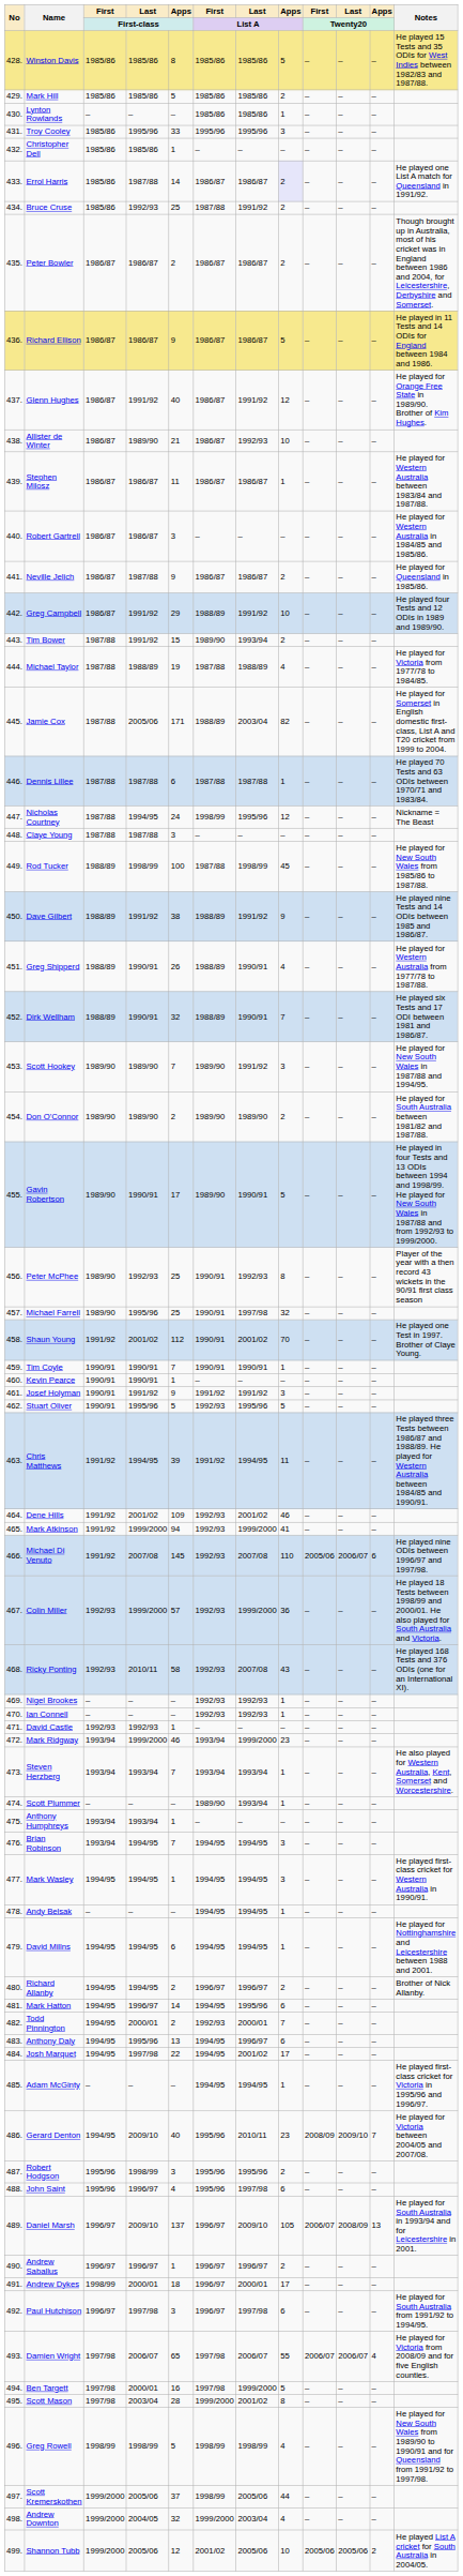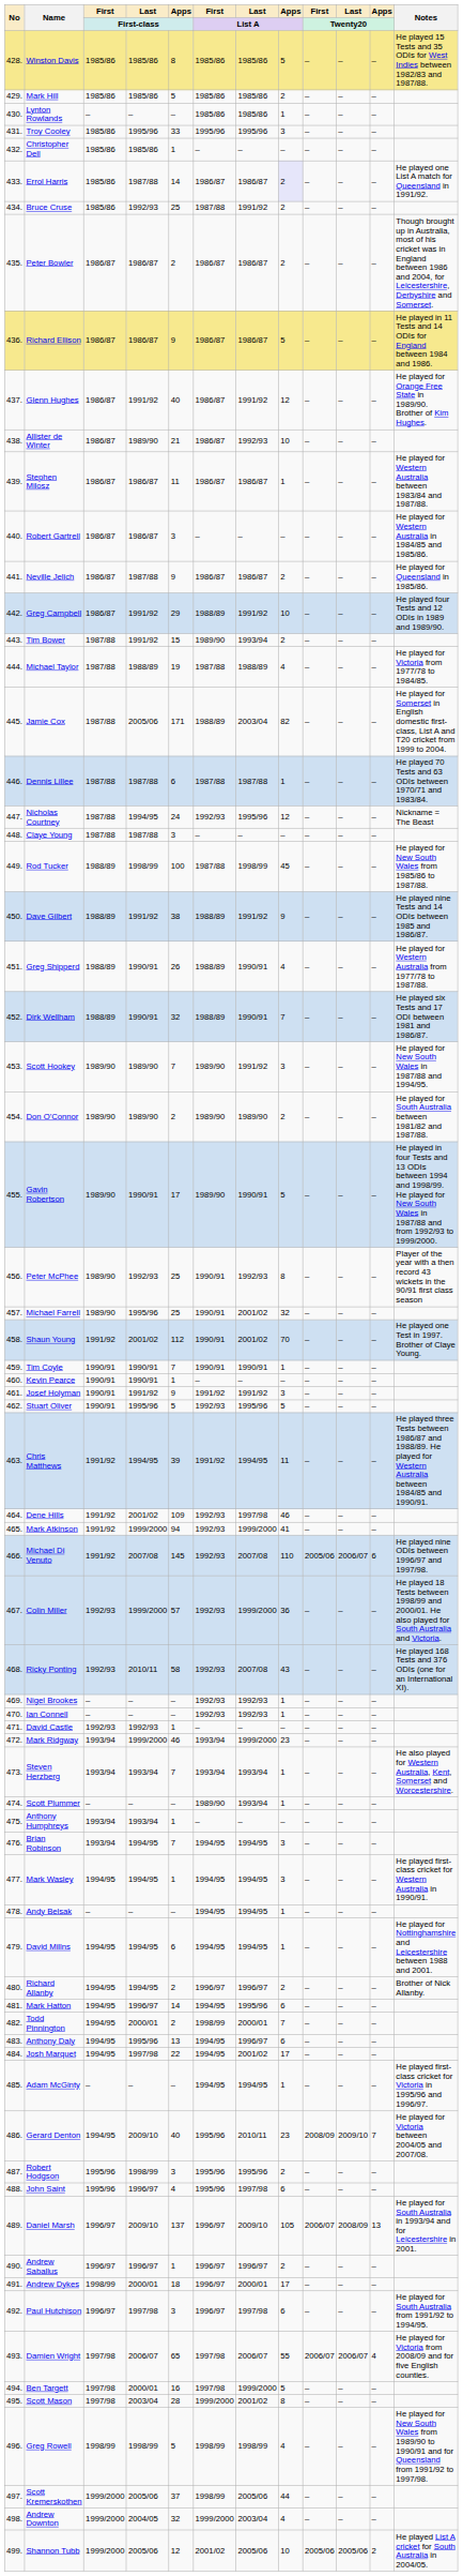 <table class="wikitable unsortable" style="text-align: left;">
 <tr>
 <th style="background:#faecc8" rowspan="2">No</th>
 <th style="width:150px" rowspan="2">Name</th>
 <th style="background:#faecc8">First</th>
 <th style="background:#faecc8">Last</th>
 <th style="background:#faecc8">Apps</th>
 <th style="background:#faecc8">First</th>
 <th style="background:#faecc8">Last</th>
 <th style="background:#faecc8">Apps</th>
 <th style="background:#faecc8">First</th>
 <th style="background:#faecc8">Last</th>
 <th style="background:#faecc8">Apps</th>
 <th style="width:350px" rowspan="2">Notes</th>
 </tr>
 <tr class="unsortable">
 <th colspan=3 style="background:#CFECEC">First-class</th>
 <th colspan=3 style="background:#ddcef2">List A</th>
 <th colspan=3 style="background:#cef2e0">Twenty20</th>
 </tr>
 <tr style="background:#f7e98e;">
 <td>428.</td>
 <td><a href='#'>Winston Davis</a></td>
 <td>1985/86</td>
 <td>1985/86</td>
 <td>8</td>
 <td>1985/86</td>
 <td>1985/86</td>
 <td>5</td>
 <td>–</td>
 <td>–</td>
 <td>–</td>
 <td>He played 15 Tests and 35 ODIs for <a href='#'>West Indies</a> between 1982/83 and 1987/88.</td>
 </tr>
 <tr>
 <td>429.</td>
 <td><a href='#'>Mark Hill</a></td>
 <td>1985/86</td>
 <td>1985/86</td>
 <td>5</td>
 <td>1985/86</td>
 <td>1985/86</td>
 <td>2</td>
 <td>–</td>
 <td>–</td>
 <td>–</td>
 <td></td>
 </tr>
 <tr>
 <td>430.</td>
 <td><a href='#'>Lynton Rowlands</a></td>
 <td>–</td>
 <td>–</td>
 <td>–</td>
 <td>1985/86</td>
 <td>1985/86</td>
 <td>1</td>
 <td>–</td>
 <td>–</td>
 <td>–</td>
 <td></td>
 </tr>
 <tr>
 <td>431.</td>
 <td><a href='#'>Troy Cooley</a></td>
 <td>1985/86</td>
 <td>1995/96</td>
 <td>33</td>
 <td>1995/96</td>
 <td>1995/96</td>
 <td>3</td>
 <td>–</td>
 <td>–</td>
 <td>–</td>
 <td></td>
 </tr>
 <tr>
 <td>432.</td>
 <td><a href='#'>Christopher Dell</a></td>
 <td>1985/86</td>
 <td>1985/86</td>
 <td>1</td>
 <td>–</td>
 <td>–</td>
 <td>–</td>
 <td>–</td>
 <td>–</td>
 <td>–</td>
 <td></td>
 </tr>
 <tr>
 <td>433.</td>
 <td><a href='#'>Errol Harris</a></td>
 <td>1985/86</td>
 <td>1987/88</td>
 <td>14</td>
 <td>1986/87</td>
 <td>1986/87</td>
 <td style="background: lavender;">2</td>
 <td>–</td>
 <td>–</td>
 <td>–</td>
 <td>He played one List A match for <a href='#'>Queensland</a> in 1991/92.</td>
 </tr>
 <tr>
 <td>434.</td>
 <td><a href='#'>Bruce Cruse</a></td>
 <td>1985/86</td>
 <td>1992/93</td>
 <td>25</td>
 <td>1987/88</td>
 <td>1991/92</td>
 <td>2</td>
 <td>–</td>
 <td>–</td>
 <td>–</td>
 <td></td>
 </tr>
 <tr>
 <td>435.</td>
 <td><a href='#'>Peter Bowler</a></td>
 <td>1986/87</td>
 <td>1986/87</td>
 <td>2</td>
 <td>1986/87</td>
 <td>1986/87</td>
 <td>2</td>
 <td>–</td>
 <td>–</td>
 <td>–</td>
 <td>Though brought up in Australia, most of his cricket was in England between 1986 and 2004, for <a href='#'>Leicestershire</a>, <a href='#'>Derbyshire</a> and <a href='#'>Somerset</a>.</td>
 </tr>
 <tr style="background:#f7e98e;">
 <td>436.</td>
 <td><a href='#'>Richard Ellison</a></td>
 <td>1986/87</td>
 <td>1986/87</td>
 <td>9</td>
 <td>1986/87</td>
 <td>1986/87</td>
 <td>5</td>
 <td>–</td>
 <td>–</td>
 <td>–</td>
 <td>He played in 11 Tests and 14 ODIs for <a href='#'>England</a> between 1984 and 1986.</td>
 </tr>
 <tr>
 <td>437.</td>
 <td><a href='#'>Glenn Hughes</a></td>
 <td>1986/87</td>
 <td>1991/92</td>
 <td>40</td>
 <td>1986/87</td>
 <td>1991/92</td>
 <td>12</td>
 <td>–</td>
 <td>–</td>
 <td>–</td>
 <td>He played for <a href='#'>Orange Free State</a> in 1989/90. Brother of <a href='#'>Kim Hughes</a>.</td>
 </tr>
 <tr>
 <td>438.</td>
 <td><a href='#'>Allister de Winter</a></td>
 <td>1986/87</td>
 <td>1989/90</td>
 <td>21</td>
 <td>1986/87</td>
 <td>1992/93</td>
 <td>10</td>
 <td>–</td>
 <td>–</td>
 <td>–</td>
 <td></td>
 </tr>
 <tr>
 <td>439.</td>
 <td><a href='#'>Stephen Milosz</a></td>
 <td>1986/87</td>
 <td>1986/87</td>
 <td>11</td>
 <td>1986/87</td>
 <td>1986/87</td>
 <td>1</td>
 <td>–</td>
 <td>–</td>
 <td>–</td>
 <td>He played for <a href='#'>Western Australia</a> between 1983/84 and 1987/88.</td>
 </tr>
 <tr>
 <td>440.</td>
 <td><a href='#'>Robert Gartrell</a></td>
 <td>1986/87</td>
 <td>1986/87</td>
 <td>3</td>
 <td>–</td>
 <td>–</td>
 <td>–</td>
 <td>–</td>
 <td>–</td>
 <td>–</td>
 <td>He played for <a href='#'>Western Australia</a> in 1984/85 and 1985/86.</td>
 </tr>
 <tr>
 <td>441.</td>
 <td><a href='#'>Neville Jelich</a></td>
 <td>1986/87</td>
 <td>1987/88</td>
 <td>9</td>
 <td>1986/87</td>
 <td>1986/87</td>
 <td>2</td>
 <td>–</td>
 <td>–</td>
 <td>–</td>
 <td>He played for <a href='#'>Queensland</a> in 1985/86.</td>
 </tr>
 <tr style="background:#cee0f2;">
 <td>442.</td>
 <td><a href='#'>Greg Campbell</a></td>
 <td>1986/87</td>
 <td>1991/92</td>
 <td>29</td>
 <td>1988/89</td>
 <td>1991/92</td>
 <td>10</td>
 <td>–</td>
 <td>–</td>
 <td>–</td>
 <td>He played four Tests and 12 ODIs in 1989 and 1989/90.</td>
 </tr>
 <tr>
 <td>443.</td>
 <td><a href='#'>Tim Bower</a></td>
 <td>1987/88</td>
 <td>1991/92</td>
 <td>15</td>
 <td>1989/90</td>
 <td>1993/94</td>
 <td>2</td>
 <td>–</td>
 <td>–</td>
 <td>–</td>
 <td></td>
 </tr>
 <tr>
 <td>444.</td>
 <td><a href='#'>Michael Taylor</a></td>
 <td>1987/88</td>
 <td>1988/89</td>
 <td>19</td>
 <td>1987/88</td>
 <td>1988/89</td>
 <td>4</td>
 <td>–</td>
 <td>–</td>
 <td>–</td>
 <td>He played for <a href='#'>Victoria</a> from 1977/78 to 1984/85.</td>
 </tr>
 <tr>
 <td>445.</td>
 <td><a href='#'>Jamie Cox</a></td>
 <td>1987/88</td>
 <td>2005/06</td>
 <td>171</td>
 <td>1988/89</td>
 <td>2003/04</td>
 <td>82</td>
 <td>–</td>
 <td>–</td>
 <td>–</td>
 <td>He played for <a href='#'>Somerset</a> in English domestic first-class, List A and T20 cricket from 1999 to 2004.</td>
 </tr>
 <tr style="background:#cee0f2;">
 <td>446.</td>
 <td><a href='#'>Dennis Lillee</a></td>
 <td>1987/88</td>
 <td>1987/88</td>
 <td>6</td>
 <td>1987/88</td>
 <td>1987/88</td>
 <td>1</td>
 <td>–</td>
 <td>–</td>
 <td>–</td>
 <td>He played 70 Tests and 63 ODIs between 1970/71 and 1983/84.</td>
 </tr>
 <tr>
 <td>447.</td>
 <td><a href='#'>Nicholas Courtney</a></td>
 <td>1987/88</td>
 <td>1994/95</td>
 <td>24</td>
-<td>1998/99</td>
+<td>1992/93</td>
 <td>1995/96</td>
 <td>12</td>
 <td>–</td>
 <td>–</td>
 <td>–</td>
 <td>Nickname = The Beast</td>
 </tr>
 <tr>
 <td>448.</td>
 <td><a href='#'>Claye Young</a></td>
 <td>1987/88</td>
 <td>1987/88</td>
 <td>3</td>
 <td>–</td>
 <td>–</td>
 <td>–</td>
 <td>–</td>
 <td>–</td>
 <td>–</td>
 <td></td>
 </tr>
 <tr>
 <td>449.</td>
 <td><a href='#'>Rod Tucker</a></td>
 <td>1988/89</td>
 <td>1998/99</td>
 <td>100</td>
 <td>1987/88</td>
 <td>1998/99</td>
 <td>45</td>
 <td>–</td>
 <td>–</td>
 <td>–</td>
 <td>He played for <a href='#'>New South Wales</a> from 1985/86 to 1987/88.</td>
 </tr>
 <tr style="background:#cee0f2;">
 <td>450.</td>
 <td><a href='#'>Dave Gilbert</a></td>
 <td>1988/89</td>
 <td>1991/92</td>
 <td>38</td>
 <td>1988/89</td>
 <td>1991/92</td>
 <td>9</td>
 <td>–</td>
 <td>–</td>
 <td>–</td>
 <td>He played nine Tests and 14 ODIs between 1985 and 1986/87.</td>
 </tr>
 <tr>
 <td>451.</td>
 <td><a href='#'>Greg Shipperd</a></td>
 <td>1988/89</td>
 <td>1990/91</td>
 <td>26</td>
 <td>1988/89</td>
 <td>1990/91</td>
 <td>4</td>
 <td>–</td>
 <td>–</td>
 <td>–</td>
 <td>He played for <a href='#'>Western Australia</a> from 1977/78 to 1987/88.</td>
 </tr>
 <tr style="background:#cee0f2;">
 <td>452.</td>
 <td><a href='#'>Dirk Wellham</a></td>
 <td>1988/89</td>
 <td>1990/91</td>
 <td>32</td>
 <td>1988/89</td>
 <td>1990/91</td>
 <td>7</td>
 <td>–</td>
 <td>–</td>
 <td>–</td>
 <td>He played six Tests and 17 ODI between 1981 and 1986/87.</td>
 </tr>
 <tr>
 <td>453.</td>
 <td><a href='#'>Scott Hookey</a></td>
 <td>1989/90</td>
 <td>1989/90</td>
 <td>7</td>
 <td>1989/90</td>
 <td>1991/92</td>
 <td>3</td>
 <td>–</td>
 <td>–</td>
 <td>–</td>
 <td>He played for <a href='#'>New South Wales</a> in 1987/88 and 1994/95.</td>
 </tr>
 <tr>
 <td>454.</td>
 <td><a href='#'>Don O'Connor</a></td>
 <td>1989/90</td>
 <td>1989/90</td>
 <td>2</td>
 <td>1989/90</td>
 <td>1989/90</td>
 <td>2</td>
 <td>–</td>
 <td>–</td>
 <td>–</td>
 <td>He played for <a href='#'>South Australia</a> between 1981/82 and 1987/88.</td>
 </tr>
 <tr style="background:#cee0f2;">
 <td>455.</td>
 <td><a href='#'>Gavin Robertson</a></td>
 <td>1989/90</td>
 <td>1990/91</td>
 <td>17</td>
 <td>1989/90</td>
 <td>1990/91</td>
 <td>5</td>
 <td>–</td>
 <td>–</td>
 <td>–</td>
 <td>He played in four Tests and 13 ODIs between 1994 and 1998/99. He played for <a href='#'>New South Wales</a> in 1987/88 and from 1992/93 to 1999/2000.</td>
 </tr>
 <tr>
 <td>456.</td>
 <td><a href='#'>Peter McPhee</a></td>
 <td>1989/90</td>
 <td>1992/93</td>
 <td>25</td>
 <td>1990/91</td>
 <td>1992/93</td>
 <td>8</td>
 <td>–</td>
 <td>–</td>
 <td>–</td>
 <td>Player of the year with a then record 43 wickets in the 90/91 first class season</td>
 </tr>
 <tr>
 <td>457.</td>
 <td><a href='#'>Michael Farrell</a></td>
 <td>1989/90</td>
 <td>1995/96</td>
 <td>25</td>
 <td>1990/91</td>
-<td>1997/98</td>
+<td>2001/02</td>
 <td>32</td>
 <td>–</td>
 <td>–</td>
 <td>–</td>
 <td></td>
 </tr>
 <tr style="background:#cee0f2;">
 <td>458.</td>
 <td><a href='#'>Shaun Young</a></td>
 <td>1991/92</td>
 <td>2001/02</td>
 <td>112</td>
 <td>1990/91</td>
 <td>2001/02</td>
 <td>70</td>
 <td>–</td>
 <td>–</td>
 <td>–</td>
 <td>He played one Test in 1997. Brother of Claye Young.</td>
 </tr>
 <tr>
 <td>459.</td>
 <td><a href='#'>Tim Coyle</a></td>
 <td>1990/91</td>
 <td>1990/91</td>
 <td>7</td>
 <td>1990/91</td>
 <td>1990/91</td>
 <td>1</td>
 <td>–</td>
 <td>–</td>
 <td>–</td>
 <td></td>
 </tr>
 <tr>
 <td>460.</td>
 <td><a href='#'>Kevin Pearce</a></td>
 <td>1990/91</td>
 <td>1990/91</td>
 <td>1</td>
 <td>–</td>
 <td>–</td>
 <td>–</td>
 <td>–</td>
 <td>–</td>
 <td>–</td>
 <td></td>
 </tr>
 <tr>
 <td>461.</td>
 <td><a href='#'>Josef Holyman</a></td>
 <td>1990/91</td>
 <td>1991/92</td>
 <td>9</td>
 <td>1991/92</td>
 <td>1991/92</td>
 <td>3</td>
 <td>–</td>
 <td>–</td>
 <td>–</td>
 <td></td>
 </tr>
 <tr>
 <td>462.</td>
 <td><a href='#'>Stuart Oliver</a></td>
 <td>1990/91</td>
 <td>1995/96</td>
 <td>5</td>
 <td>1992/93</td>
 <td>1995/96</td>
 <td>5</td>
 <td>–</td>
 <td>–</td>
 <td>–</td>
 <td></td>
 </tr>
 <tr style="background:#cee0f2;">
 <td>463.</td>
 <td><a href='#'>Chris Matthews</a></td>
 <td>1991/92</td>
 <td>1994/95</td>
 <td>39</td>
 <td>1991/92</td>
 <td>1994/95</td>
 <td>11</td>
 <td>–</td>
 <td>–</td>
 <td>–</td>
 <td>He played three Tests between 1986/87 and 1988/89. He played for <a href='#'>Western Australia</a> between 1984/85 and 1990/91.</td>
 </tr>
 <tr>
 <td>464.</td>
 <td><a href='#'>Dene Hills</a></td>
 <td>1991/92</td>
 <td>2001/02</td>
 <td>109</td>
 <td>1992/93</td>
-<td>2001/02</td>
+<td>1997/98</td>
 <td>46</td>
 <td>–</td>
 <td>–</td>
 <td>–</td>
 <td></td>
 </tr>
 <tr>
 <td>465.</td>
 <td><a href='#'>Mark Atkinson</a></td>
 <td>1991/92</td>
 <td>1999/2000</td>
 <td>94</td>
 <td>1992/93</td>
 <td>1999/2000</td>
 <td>41</td>
 <td>–</td>
 <td>–</td>
 <td>–</td>
 <td></td>
 </tr>
 <tr style="background:#cee0f2;">
 <td>466.</td>
 <td><a href='#'>Michael Di Venuto</a></td>
 <td>1991/92</td>
 <td>2007/08</td>
 <td>145</td>
 <td>1992/93</td>
 <td>2007/08</td>
 <td>110</td>
 <td>2005/06</td>
 <td>2006/07</td>
 <td>6</td>
 <td>He played nine ODIs between 1996/97 and 1997/98.</td>
 </tr>
 <tr style="background:#cee0f2;">
 <td>467.</td>
 <td><a href='#'>Colin Miller</a></td>
 <td>1992/93</td>
 <td>1999/2000</td>
 <td>57</td>
 <td>1992/93</td>
 <td>1999/2000</td>
 <td>36</td>
 <td>–</td>
 <td>–</td>
 <td>–</td>
 <td>He played 18 Tests between 1998/99 and 2000/01. He also played for <a href='#'>South Australia</a> and <a href='#'>Victoria</a>.</td>
 </tr>
 <tr style="background:#cee0f2;">
 <td>468.</td>
 <td><a href='#'>Ricky Ponting</a></td>
 <td>1992/93</td>
 <td>2010/11</td>
 <td>58</td>
 <td>1992/93</td>
 <td>2007/08</td>
 <td>43</td>
 <td>–</td>
 <td>–</td>
 <td>–</td>
 <td>He played 168 Tests and 376 ODIs (one for an International XI).</td>
 </tr>
 <tr>
 <td>469.</td>
 <td><a href='#'>Nigel Brookes</a></td>
 <td>–</td>
 <td>–</td>
 <td>–</td>
 <td>1992/93</td>
 <td>1992/93</td>
 <td>1</td>
 <td>–</td>
 <td>–</td>
 <td>–</td>
 <td></td>
 </tr>
 <tr>
 <td>470.</td>
 <td><a href='#'>Ian Connell</a></td>
 <td>–</td>
 <td>–</td>
 <td>–</td>
 <td>1992/93</td>
 <td>1992/93</td>
 <td>1</td>
 <td>–</td>
 <td>–</td>
 <td>–</td>
 <td></td>
 </tr>
 <tr>
 <td>471.</td>
 <td><a href='#'>David Castle</a></td>
 <td>1992/93</td>
 <td>1992/93</td>
 <td>1</td>
 <td>–</td>
 <td>–</td>
 <td>–</td>
 <td>–</td>
 <td>–</td>
 <td>–</td>
 <td></td>
 </tr>
 <tr>
 <td>472.</td>
 <td><a href='#'>Mark Ridgway</a></td>
 <td>1993/94</td>
 <td>1999/2000</td>
 <td>46</td>
 <td>1993/94</td>
 <td>1999/2000</td>
 <td>23</td>
 <td>–</td>
 <td>–</td>
 <td>–</td>
 <td></td>
 </tr>
 <tr>
 <td>473.</td>
 <td><a href='#'>Steven Herzberg</a></td>
 <td>1993/94</td>
 <td>1993/94</td>
 <td>7</td>
 <td>1993/94</td>
 <td>1993/94</td>
 <td>1</td>
 <td>–</td>
 <td>–</td>
 <td>–</td>
 <td>He also played for <a href='#'>Western Australia</a>, <a href='#'>Kent</a>, <a href='#'>Somerset</a> and <a href='#'>Worcestershire</a>.</td>
 </tr>
 <tr>
 <td>474.</td>
 <td><a href='#'>Scott Plummer</a></td>
 <td>–</td>
 <td>–</td>
 <td>–</td>
 <td>1989/90</td>
 <td>1993/94</td>
 <td>1</td>
 <td>–</td>
 <td>–</td>
 <td>–</td>
 <td></td>
 </tr>
 <tr>
 <td>475.</td>
 <td><a href='#'>Anthony Humphreys</a></td>
 <td>1993/94</td>
 <td>1993/94</td>
 <td>1</td>
 <td>–</td>
 <td>–</td>
 <td>–</td>
 <td>–</td>
 <td>–</td>
 <td>–</td>
 <td></td>
 </tr>
 <tr>
 <td>476.</td>
 <td><a href='#'>Brian Robinson</a></td>
 <td>1993/94</td>
 <td>1994/95</td>
 <td>7</td>
 <td>1994/95</td>
 <td>1994/95</td>
 <td>3</td>
 <td>–</td>
 <td>–</td>
 <td>–</td>
 <td></td>
 </tr>
 <tr>
 <td>477.</td>
 <td><a href='#'>Mark Wasley</a></td>
 <td>1994/95</td>
 <td>1994/95</td>
 <td>1</td>
 <td>1994/95</td>
 <td>1994/95</td>
 <td>3</td>
 <td>–</td>
 <td>–</td>
 <td>–</td>
 <td>He played first-class cricket for <a href='#'>Western Australia</a> in 1990/91.</td>
 </tr>
 <tr>
 <td>478.</td>
 <td><a href='#'>Andy Belsak</a></td>
 <td>–</td>
 <td>–</td>
 <td>–</td>
 <td>1994/95</td>
 <td>1994/95</td>
 <td>1</td>
 <td>–</td>
 <td>–</td>
 <td>–</td>
 <td></td>
 </tr>
 <tr>
 <td>479.</td>
 <td><a href='#'>David Millns</a></td>
 <td>1994/95</td>
 <td>1994/95</td>
 <td>6</td>
 <td>1994/95</td>
 <td>1994/95</td>
 <td>1</td>
 <td>–</td>
 <td>–</td>
 <td>–</td>
 <td>He played for <a href='#'>Nottinghamshire</a> and <a href='#'>Leicestershire</a> between 1988 and 2001.</td>
 </tr>
 <tr>
 <td>480.</td>
 <td><a href='#'>Richard Allanby</a></td>
 <td>1994/95</td>
 <td>1994/95</td>
 <td>2</td>
 <td>1996/97</td>
 <td>1996/97</td>
 <td>2</td>
 <td>–</td>
 <td>–</td>
 <td>–</td>
 <td>Brother of Nick Allanby.</td>
 </tr>
 <tr>
 <td>481.</td>
 <td><a href='#'>Mark Hatton</a></td>
 <td>1994/95</td>
 <td>1996/97</td>
 <td>14</td>
 <td>1994/95</td>
 <td>1995/96</td>
 <td>6</td>
 <td>–</td>
 <td>–</td>
 <td>–</td>
 <td></td>
 </tr>
 <tr>
 <td>482.</td>
 <td><a href='#'>Todd Pinnington</a></td>
 <td>1994/95</td>
 <td>2000/01</td>
 <td>2</td>
-<td>1992/93</td>
+<td>1998/99</td>
 <td>2000/01</td>
 <td>7</td>
 <td>–</td>
 <td>–</td>
 <td>–</td>
 <td></td>
 </tr>
 <tr>
 <td>483.</td>
 <td><a href='#'>Anthony Daly</a></td>
 <td>1994/95</td>
 <td>1995/96</td>
 <td>13</td>
 <td>1994/95</td>
 <td>1996/97</td>
 <td>6</td>
 <td>–</td>
 <td>–</td>
 <td>–</td>
 <td></td>
 </tr>
 <tr>
 <td>484.</td>
 <td><a href='#'>Josh Marquet</a></td>
 <td>1994/95</td>
 <td>1997/98</td>
 <td>22</td>
 <td>1994/95</td>
 <td>2001/02</td>
 <td>17</td>
 <td>–</td>
 <td>–</td>
 <td>–</td>
 <td></td>
 </tr>
 <tr>
 <td>485.</td>
 <td><a href='#'>Adam McGinty</a></td>
 <td>–</td>
 <td>–</td>
 <td>–</td>
 <td>1994/95</td>
 <td>1994/95</td>
 <td>1</td>
 <td>–</td>
 <td>–</td>
 <td>–</td>
 <td>He played first-class cricket for <a href='#'>Victoria</a> in 1995/96 and 1996/97.</td>
 </tr>
 <tr>
 <td>486.</td>
 <td><a href='#'>Gerard Denton</a></td>
 <td>1994/95</td>
 <td>2009/10</td>
 <td>40</td>
 <td>1995/96</td>
 <td>2010/11</td>
 <td>23</td>
 <td>2008/09</td>
 <td>2009/10</td>
 <td>7</td>
 <td>He played for <a href='#'>Victoria</a> between 2004/05 and 2007/08.</td>
 </tr>
 <tr>
 <td>487.</td>
 <td><a href='#'>Robert Hodgson</a></td>
 <td>1995/96</td>
 <td>1998/99</td>
 <td>3</td>
 <td>1995/96</td>
 <td>1995/96</td>
 <td>2</td>
 <td>–</td>
 <td>–</td>
 <td>–</td>
 <td></td>
 </tr>
 <tr>
 <td>488.</td>
 <td><a href='#'>John Saint</a></td>
 <td>1995/96</td>
 <td>1996/97</td>
 <td>4</td>
 <td>1995/96</td>
 <td>1997/98</td>
 <td>6</td>
 <td>–</td>
 <td>–</td>
 <td>–</td>
 <td></td>
 </tr>
 <tr>
 <td>489.</td>
 <td><a href='#'>Daniel Marsh</a></td>
 <td>1996/97</td>
 <td>2009/10</td>
 <td>137</td>
 <td>1996/97</td>
 <td>2009/10</td>
 <td>105</td>
 <td>2006/07</td>
 <td>2008/09</td>
 <td>13</td>
 <td>He played for <a href='#'>South Australia</a> in 1993/94 and for <a href='#'>Leicestershire</a> in 2001.</td>
 </tr>
 <tr>
 <td>490.</td>
 <td><a href='#'>Andrew Saballus</a></td>
 <td>1996/97</td>
 <td>1996/97</td>
 <td>1</td>
 <td>1996/97</td>
 <td>1996/97</td>
 <td>2</td>
 <td>–</td>
 <td>–</td>
 <td>–</td>
 <td></td>
 </tr>
 <tr>
 <td>491.</td>
 <td><a href='#'>Andrew Dykes</a></td>
 <td>1998/99</td>
 <td>2000/01</td>
 <td>18</td>
 <td>1996/97</td>
 <td>2000/01</td>
 <td>17</td>
 <td>–</td>
 <td>–</td>
 <td>–</td>
 <td></td>
 </tr>
 <tr>
 <td>492.</td>
 <td><a href='#'>Paul Hutchison</a></td>
 <td>1996/97</td>
 <td>1997/98</td>
 <td>3</td>
 <td>1996/97</td>
 <td>1997/98</td>
 <td>6</td>
 <td>–</td>
 <td>–</td>
 <td>–</td>
 <td>He played for <a href='#'>South Australia</a> from 1991/92 to 1994/95.</td>
 </tr>
 <tr>
 <td>493.</td>
 <td><a href='#'>Damien Wright</a></td>
 <td>1997/98</td>
 <td>2006/07</td>
 <td>65</td>
 <td>1997/98</td>
 <td>2006/07</td>
 <td>55</td>
 <td>2006/07</td>
 <td>2006/07</td>
 <td>4</td>
 <td>He played for <a href='#'>Victoria</a> from 2008/09 and for five English counties.</td>
 </tr>
 <tr>
 <td>494.</td>
 <td><a href='#'>Ben Targett</a></td>
 <td>1997/98</td>
 <td>2000/01</td>
 <td>16</td>
 <td>1997/98</td>
 <td>1999/2000</td>
 <td>5</td>
 <td>–</td>
 <td>–</td>
 <td>–</td>
 <td></td>
 </tr>
 <tr>
 <td>495.</td>
 <td><a href='#'>Scott Mason</a></td>
 <td>1997/98</td>
 <td>2003/04</td>
 <td>28</td>
 <td>1999/2000</td>
 <td>2001/02</td>
 <td>8</td>
 <td>–</td>
 <td>–</td>
 <td>–</td>
 <td></td>
 </tr>
 <tr>
 <td>496.</td>
 <td><a href='#'>Greg Rowell</a></td>
 <td>1998/99</td>
 <td>1998/99</td>
 <td>5</td>
 <td>1998/99</td>
 <td>1998/99</td>
 <td>4</td>
 <td>–</td>
 <td>–</td>
 <td>–</td>
 <td>He played for <a href='#'>New South Wales</a> from 1989/90 to 1990/91 and for <a href='#'>Queensland</a> from 1991/92 to 1997/98.</td>
 </tr>
 <tr>
 <td>497.</td>
 <td><a href='#'>Scott Kremerskothen</a></td>
 <td>1999/2000</td>
 <td>2005/06</td>
 <td>37</td>
 <td>1998/99</td>
 <td>2005/06</td>
 <td>44</td>
 <td>–</td>
 <td>–</td>
 <td>–</td>
 <td></td>
 </tr>
 <tr>
 <td>498.</td>
 <td><a href='#'>Andrew Downton</a></td>
 <td>1999/2000</td>
 <td>2004/05</td>
 <td>32</td>
 <td>1999/2000</td>
 <td>2003/04</td>
 <td>4</td>
 <td>–</td>
 <td>–</td>
 <td>–</td>
 <td></td>
 </tr>
 <tr>
 <td>499.</td>
 <td><a href='#'>Shannon Tubb</a></td>
 <td>1999/2000</td>
 <td>2005/06</td>
 <td>12</td>
 <td>2001/02</td>
 <td>2005/06</td>
 <td>10</td>
 <td>2005/06</td>
 <td>2005/06</td>
 <td>2</td>
 <td>He played <a href='#'>List A cricket</a> for <a href='#'>South Australia</a> in 2004/05.</td>
 </tr>
 </table>
